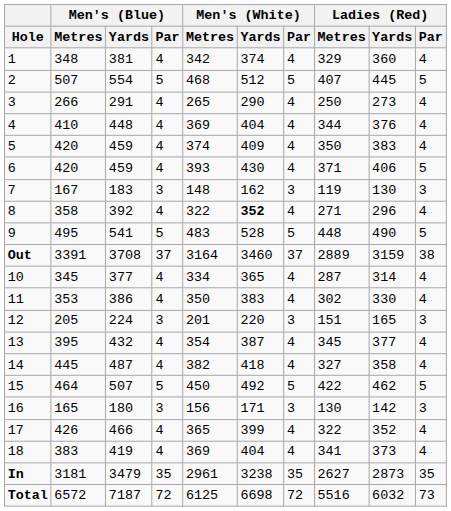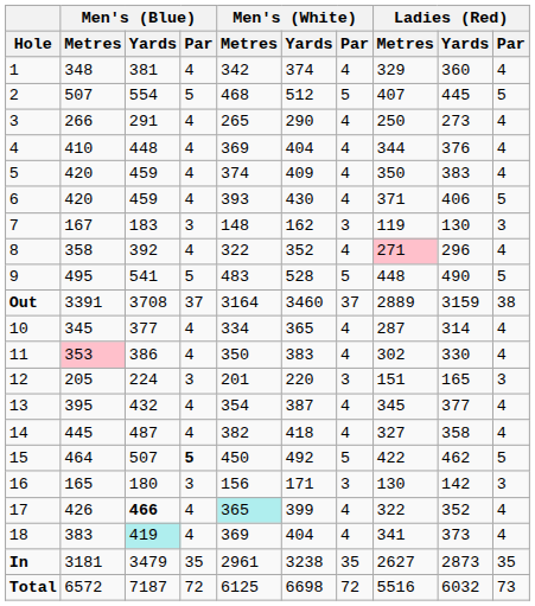 <table class="wikitable">
 <tr>
 <th></th>
 <th colspan="3">Men's (Blue)</th>
 <th colspan="3">Men's (White)</th>
 <th colspan="3">Ladies (Red)</th>
 </tr>
 <tr>
 <th>Hole</th>
 <th>Metres</th>
 <th>Yards</th>
 <th>Par</th>
 <th>Metres</th>
 <th>Yards</th>
 <th>Par</th>
 <th>Metres</th>
 <th>Yards</th>
 <th>Par</th>
 </tr>
 <tr>
 <td>1</td>
 <td>348</td>
 <td>381</td>
 <td>4</td>
 <td>342</td>
 <td>374</td>
 <td>4</td>
 <td>329</td>
 <td>360</td>
 <td>4</td>
 </tr>
 <tr>
 <td>2</td>
 <td>507</td>
 <td>554</td>
 <td>5</td>
 <td>468</td>
 <td>512</td>
 <td>5</td>
 <td>407</td>
 <td>445</td>
 <td>5</td>
 </tr>
 <tr>
 <td>3</td>
 <td>266</td>
 <td>291</td>
 <td>4</td>
 <td>265</td>
 <td>290</td>
 <td>4</td>
 <td>250</td>
 <td>273</td>
 <td>4</td>
 </tr>
 <tr>
 <td>4</td>
 <td>410</td>
 <td>448</td>
 <td>4</td>
 <td>369</td>
 <td>404</td>
 <td>4</td>
 <td>344</td>
 <td>376</td>
 <td>4</td>
 </tr>
 <tr>
 <td>5</td>
 <td>420</td>
 <td>459</td>
 <td>4</td>
 <td>374</td>
 <td>409</td>
 <td>4</td>
 <td>350</td>
 <td>383</td>
 <td>4</td>
 </tr>
 <tr>
 <td>6</td>
 <td>420</td>
 <td>459</td>
 <td>4</td>
 <td>393</td>
 <td>430</td>
 <td>4</td>
 <td>371</td>
 <td>406</td>
 <td>5</td>
 </tr>
 <tr>
 <td>7</td>
 <td>167</td>
 <td>183</td>
 <td>3</td>
 <td>148</td>
 <td>162</td>
 <td>3</td>
 <td>119</td>
 <td>130</td>
 <td>3</td>
 </tr>
 <tr>
 <td>8</td>
 <td>358</td>
 <td>392</td>
 <td>4</td>
 <td>322</td>
-<td><strong>352</strong></td>
+<td>352</td>
 <td>4</td>
-<td>271</td>
+<td style="background: pink;">271</td>
 <td>296</td>
 <td>4</td>
 </tr>
 <tr>
 <td>9</td>
 <td>495</td>
 <td>541</td>
 <td>5</td>
 <td>483</td>
 <td>528</td>
 <td>5</td>
 <td>448</td>
 <td>490</td>
 <td>5</td>
 </tr>
 <tr>
 <td><strong>Out</strong></td>
 <td>3391</td>
 <td>3708</td>
 <td>37</td>
 <td>3164</td>
 <td>3460</td>
 <td>37</td>
 <td>2889</td>
 <td>3159</td>
 <td>38</td>
 </tr>
 <tr>
 <td>10</td>
 <td>345</td>
 <td>377</td>
 <td>4</td>
 <td>334</td>
 <td>365</td>
 <td>4</td>
 <td>287</td>
 <td>314</td>
 <td>4</td>
 </tr>
 <tr>
 <td>11</td>
-<td>353</td>
+<td style="background: pink;">353</td>
 <td>386</td>
 <td>4</td>
 <td>350</td>
 <td>383</td>
 <td>4</td>
 <td>302</td>
 <td>330</td>
 <td>4</td>
 </tr>
 <tr>
 <td>12</td>
 <td>205</td>
 <td>224</td>
 <td>3</td>
 <td>201</td>
 <td>220</td>
 <td>3</td>
 <td>151</td>
 <td>165</td>
 <td>3</td>
 </tr>
 <tr>
 <td>13</td>
 <td>395</td>
 <td>432</td>
 <td>4</td>
 <td>354</td>
 <td>387</td>
 <td>4</td>
 <td>345</td>
 <td>377</td>
 <td>4</td>
 </tr>
 <tr>
 <td>14</td>
 <td>445</td>
 <td>487</td>
 <td>4</td>
 <td>382</td>
 <td>418</td>
 <td>4</td>
 <td>327</td>
 <td>358</td>
 <td>4</td>
 </tr>
 <tr>
 <td>15</td>
 <td>464</td>
 <td>507</td>
-<td>5</td>
+<td><strong>5</strong></td>
 <td>450</td>
 <td>492</td>
 <td>5</td>
 <td>422</td>
 <td>462</td>
 <td>5</td>
 </tr>
 <tr>
 <td>16</td>
 <td>165</td>
 <td>180</td>
 <td>3</td>
 <td>156</td>
 <td>171</td>
 <td>3</td>
 <td>130</td>
 <td>142</td>
 <td>3</td>
 </tr>
 <tr>
 <td>17</td>
 <td>426</td>
-<td>466</td>
+<td><strong>466</strong></td>
 <td>4</td>
-<td>365</td>
+<td style="background: paleturquoise;">365</td>
 <td>399</td>
 <td>4</td>
 <td>322</td>
 <td>352</td>
 <td>4</td>
 </tr>
 <tr>
 <td>18</td>
 <td>383</td>
-<td>419</td>
+<td style="background: paleturquoise;">419</td>
 <td>4</td>
 <td>369</td>
 <td>404</td>
 <td>4</td>
 <td>341</td>
 <td>373</td>
 <td>4</td>
 </tr>
 <tr>
 <td><strong>In</strong></td>
 <td>3181</td>
 <td>3479</td>
 <td>35</td>
 <td>2961</td>
 <td>3238</td>
 <td>35</td>
 <td>2627</td>
 <td>2873</td>
 <td>35</td>
 </tr>
 <tr>
 <td><strong>Total</strong></td>
 <td>6572</td>
 <td>7187</td>
 <td>72</td>
 <td>6125</td>
 <td>6698</td>
 <td>72</td>
 <td>5516</td>
 <td>6032</td>
 <td>73</td>
 </tr>
 </table>
